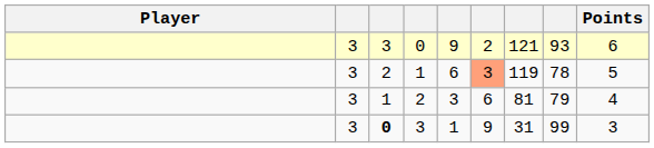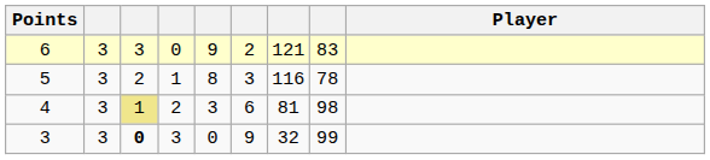 <table class="wikitable" style="text-align:center;">
 <tr>
-<th width="250">Player</th>
+<th width="50">Points</th>
 <th width="20"></th>
 <th width="20"></th>
 <th width="20"></th>
 <th width="20"></th>
 <th width="20"></th>
 <th width="20"></th>
 <th width="20"></th>
-<th width="50">Points</th>
+<th width="250">Player</th>
 </tr>
 <tr style="background-color:#ffffcc;">
-<td style="text-align:left;"></td>
+<td>6</td>
 <td>3</td>
 <td>3</td>
 <td>0</td>
 <td>9</td>
 <td>2</td>
 <td>121</td>
-<td>93</td>
-<td>6</td>
+<td>83</td>
+<td style="text-align:left;"></td>
 </tr>
 <tr>
-<td style="text-align:left;"></td>
+<td>5</td>
 <td>3</td>
 <td>2</td>
 <td>1</td>
-<td>6</td>
-<td style="background: lightsalmon;">3</td>
-<td>119</td>
+<td>8</td>
+<td>3</td>
+<td>116</td>
 <td>78</td>
-<td>5</td>
+<td style="text-align:left;"></td>
 </tr>
 <tr>
-<td style="text-align:left;"></td>
+<td>4</td>
 <td>3</td>
-<td>1</td>
+<td style="background: khaki;">1</td>
 <td>2</td>
 <td>3</td>
 <td>6</td>
 <td>81</td>
-<td>79</td>
-<td>4</td>
+<td>98</td>
+<td style="text-align:left;"></td>
 </tr>
 <tr>
-<td style="text-align:left;"></td>
+<td>3</td>
 <td>3</td>
 <td><strong>0</strong></td>
 <td>3</td>
-<td>1</td>
+<td>0</td>
 <td>9</td>
-<td>31</td>
+<td>32</td>
 <td>99</td>
-<td>3</td>
+<td style="text-align:left;"></td>
 </tr>
 </table>
